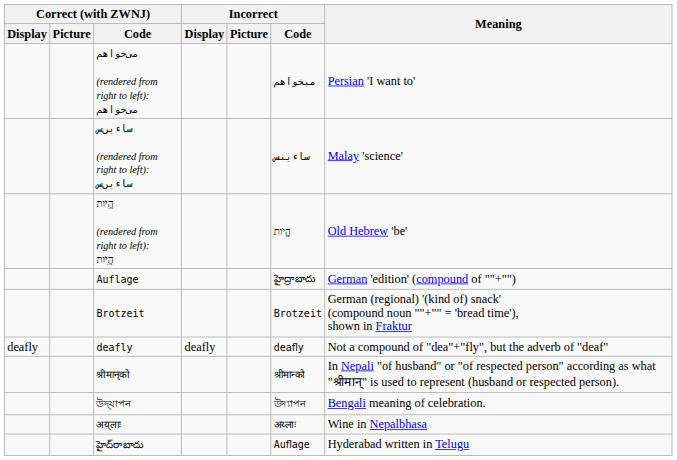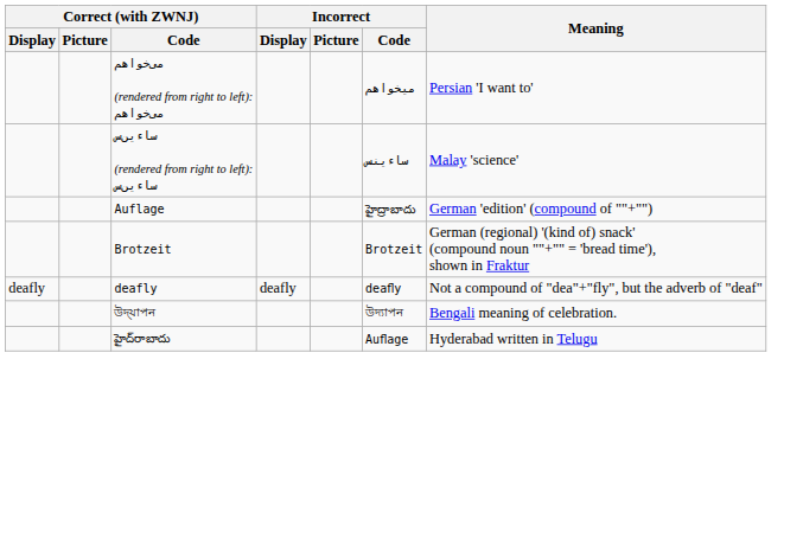 <table class="wikitable" style="font-variant-ligatures: common-ligatures discretionary-ligatures;">
 <tr>
 <th colspan="3">Correct (with ZWNJ)</th>
 <th colspan="3">Incorrect</th>
 <th rowspan="2">Meaning</th>
 </tr>
 <tr>
 <th>Display</th>
 <th>Pic‌ture</th>
 <th>Code</th>
 <th>Display</th>
 <th>Picture</th>
 <th>Code</th>
 </tr>
 <tr>
 <td></td>
 <td></td>
 <td><code>می&zwnj;خواهم</code><br><br><small><em>(rendered from right to left):</em><br></small><div><code>می<span>&zwnj;</span>خواهم</code></div></td>
 <td></td>
 <td></td>
 <td><code>میخواهم</code></td>
 <td><a href='#'>Persian</a> 'I want to'</td>
 </tr>
 <tr>
 <td></td>
 <td></td>
 <td><code>ساءين&zwnj;س</code><br><br><small><em>(rendered from right to left):</em><br></small><div><code>ساءين<span>&zwnj;</span>س</code></div></td>
 <td></td>
 <td></td>
 <td><code>ساءينس</code></td>
 <td><a href='#'>Malay</a> 'science'</td>
 </tr>
 <tr>
 <td></td>
 <td></td>
-<td><code>הֱ&zwnj;ֽיֹות</code><br><br><small><em>(rendered from right to left):</em><br></small><div><code>הֱ<span>&zwnj;</span>ֽיֹות</code></div></td>
-<td></td>
-<td></td>
-<td><code>הֱֽיֹות</code></td>
-<td><a href='#'>Old Hebrew</a> 'be'</td>
-</tr>
-<tr>
-<td></td>
-<td></td>
 <td><code>Auf&zwnj;lage</code></td>
 <td></td>
 <td></td>
 <td><code>హైద్రాబాదు</code></td>
 <td><a href='#'>German</a> 'edition' (<a href='#'>compound</a> of ""+"")</td>
 </tr>
 <tr>
 <td></td>
 <td></td>
 <td><code>Brot&zwnj;zeit</code></td>
 <td></td>
 <td></td>
 <td><code>Brotzeit</code></td>
 <td>German (regional) '(kind of) snack'<br>(compound noun ""+"" = 'bread time'),<br> shown in <a href='#'>Fraktur</a></td>
 </tr>
 <tr>
 <td><span>deaf‌ly</span></td>
 <td></td>
 <td><code>deaf&zwnj;ly</code></td>
 <td><span>deafly</span></td>
 <td></td>
 <td><code>deafly</code></td>
 <td>Not a compound of "dea"+"fly", but the adverb of "deaf"</td>
 </tr>
 <tr>
 <td></td>
 <td></td>
-<td><code>श्रीमान्&zwnj;को</code></td>
-<td></td>
-<td></td>
-<td><code>श्रीमान्को</code></td>
-<td>In <a href='#'>Nepali</a> "of husband" or "of respected person" according as what "श्रीमान्" is used to represent (husband or respected person).</td>
-</tr>
-<tr>
-<td></td>
-<td></td>
 <td><code>উদ্&zwnj;যাপন</code></td>
 <td></td>
 <td></td>
 <td><code>উদ্যাপন</code></td>
 <td><a href='#'>Bengali</a> meaning of celebration.</td>
-</tr>
-<tr>
-<td></td>
-<td></td>
-<td><code>अय्&zwnj;लाः</code></td>
-<td></td>
-<td></td>
-<td><code>अय्लाः</code></td>
-<td>Wine in <a href='#'>Nepalbhasa</a></td>
 </tr>
 <tr>
 <td></td>
 <td></td>
 <td><code>హైద్&zwnj;రాబాదు</code></td>
 <td></td>
 <td></td>
 <td><code>Auflage</code></td>
 <td>Hyderabad written in <a href='#'>Telugu</a></td>
 </tr>
 </table>
